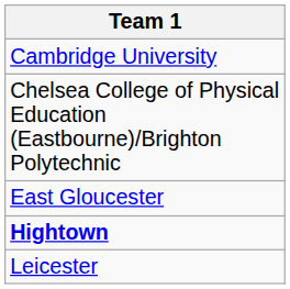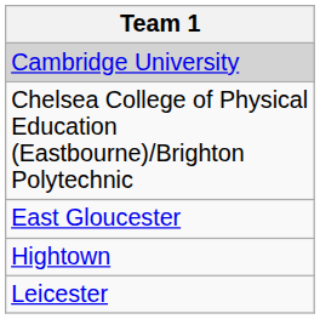 <table class="wikitable" style="font-size: 100%">
 <tr>
 <th width=200>Team 1</th>
 </tr>
 <tr>
-<td><a href='#'>Cambridge University</a></td>
+<td style="background: lightgrey;"><a href='#'>Cambridge University</a></td>
 </tr>
 <tr>
 <td>Chelsea College of Physical Education (Eastbourne)/Brighton Polytechnic</td>
 </tr>
 <tr>
 <td><a href='#'>East Gloucester</a></td>
 </tr>
 <tr>
-<td><strong><a href='#'>Hightown</a></strong></td>
+<td><a href='#'>Hightown</a></td>
 </tr>
 <tr>
 <td><a href='#'>Leicester</a></td>
 </tr>
 </table>
